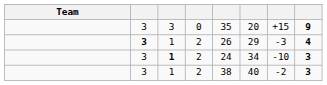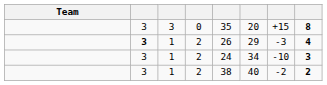 <table class="wikitable" style="text-align:center;font-size:95%">
 <tr>
 <th width=160>Team</th>
 <th width=30></th>
 <th width=30></th>
 <th width=30></th>
 <th width=30></th>
 <th width=30></th>
 <th width=30></th>
 <th width=30></th>
 </tr>
 <tr>
 <td align="left"></td>
 <td>3</td>
 <td>3</td>
 <td>0</td>
 <td>35</td>
 <td>20</td>
 <td>+15</td>
-<td><strong>9</strong></td>
+<td><strong>8</strong></td>
 </tr>
 <tr>
 <td align="left"></td>
 <td><strong>3</strong></td>
 <td>1</td>
 <td>2</td>
 <td>26</td>
 <td>29</td>
 <td>-3</td>
 <td><strong>4</strong></td>
 </tr>
 <tr>
 <td align="left"></td>
 <td>3</td>
-<td><strong>1</strong></td>
+<td>1</td>
 <td>2</td>
 <td>24</td>
 <td>34</td>
 <td>-10</td>
 <td><strong>3</strong></td>
 </tr>
 <tr>
 <td align="left"></td>
 <td>3</td>
 <td>1</td>
 <td>2</td>
 <td>38</td>
 <td>40</td>
 <td>-2</td>
-<td><strong>3</strong></td>
+<td><strong>2</strong></td>
 </tr>
 </table>
